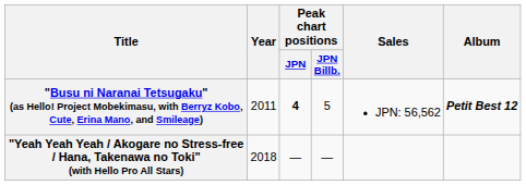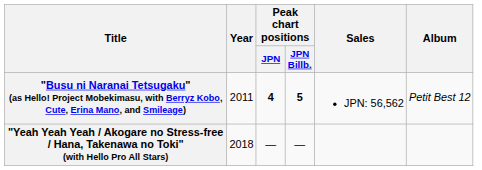 <table class="wikitable plainrowheaders" style="text-align:center;">
 <tr>
 <th rowspan="2" style="width:20em;">Title</th>
 <th rowspan="2">Year</th>
 <th colspan="2">Peak chart positions</th>
 <th rowspan="2">Sales</th>
 <th rowspan="2">Album</th>
 </tr>
 <tr>
 <th scope="col" style="width:2.5em;font-size:90%;"><a href='#'>JPN</a><br></th>
 <th scope="col" style="width:2.5em;font-size:90%;"><a href='#'>JPN Billb.</a></th>
 </tr>
 <tr>
 <th scope=row>"<a href='#'>Busu ni Naranai Tetsugaku</a>"<br><small>(as Hello! Project Mobekimasu, with  <a href='#'>Berryz Kobo</a>, <a href='#'>Cute</a>, <a href='#'>Erina Mano</a>, and <a href='#'>Smileage</a>)</small></th>
 <td>2011</td>
 <td><strong>4</strong></td>
-<td>5</td>
+<td><strong>5</strong></td>
 <td><br><ul><li>JPN: 56,562</li></ul></td>
-<td><strong><em>Petit Best 12</em></strong></td>
+<td><em>Petit Best 12</em></td>
 </tr>
 <tr>
 <th scope=row>"Yeah Yeah Yeah / Akogare no Stress-free / Hana, Takenawa no Toki"<br><small>(with Hello Pro All Stars)</small></th>
 <td>2018</td>
 <td>—</td>
 <td>—</td>
 <td></td>
 <td></td>
 </tr>
 </table>
